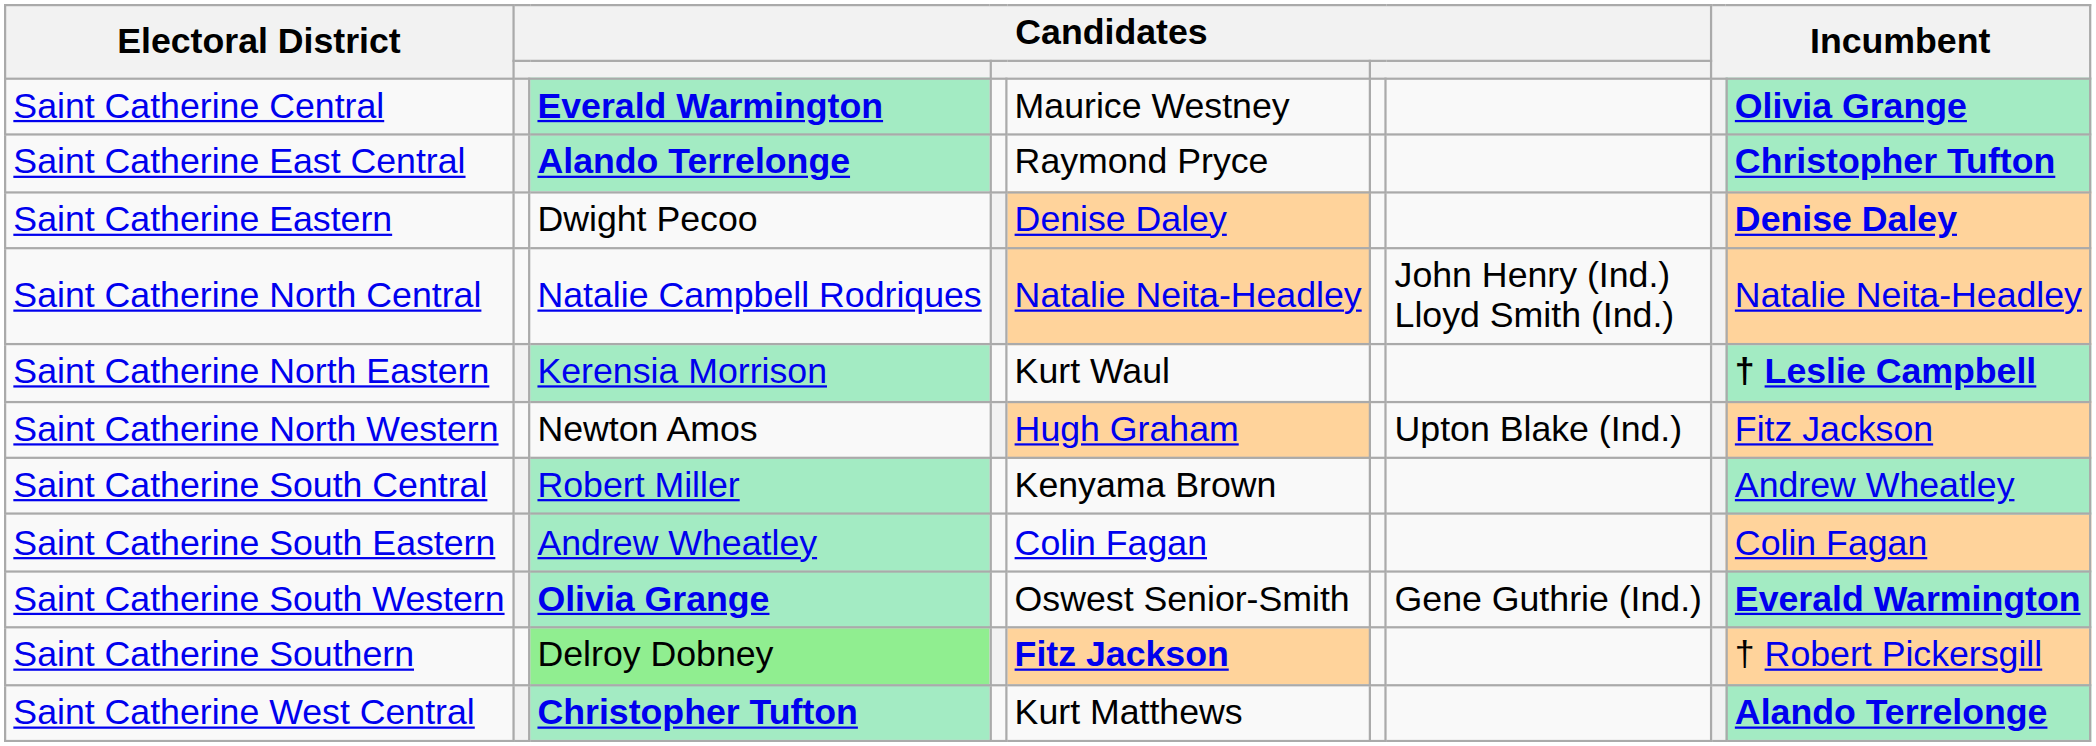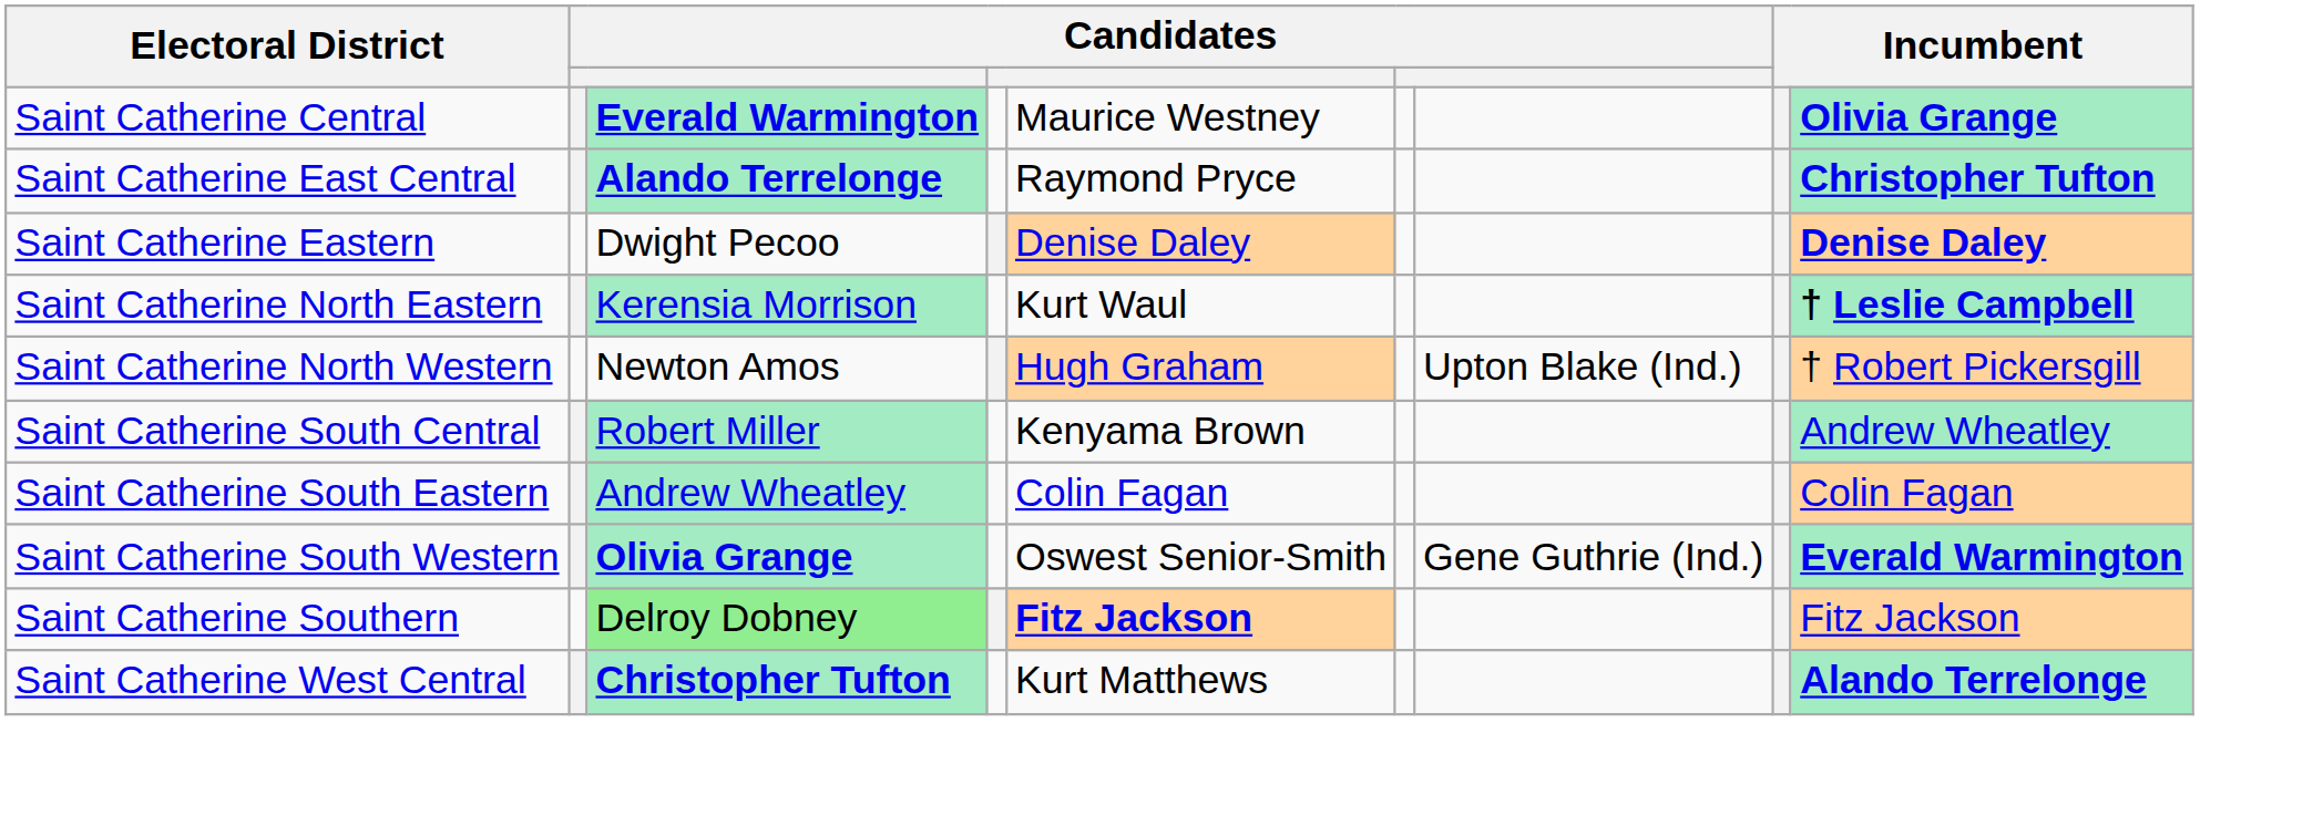 <table class="wikitable">
 <tr>
 <th rowspan="2">Electoral District</th>
 <th colspan="6">Candidates</th>
 <th colspan="2" rowspan="2"><strong>Incumbent</strong></th>
 </tr>
 <tr>
 <th colspan="2" style="background:"><a href='#'></a></th>
 <th colspan="2" style="background:"><a href='#'></a></th>
 <th colspan="2" style="background:"></th>
 </tr>
 <tr>
 <td><a href='#'>Saint Catherine Central</a></td>
 <th style="background:"></th>
 <td style="background:#a3ebc3"><strong><a href='#'>Everald Warmington</a></strong></td>
 <td></td>
 <td>Maurice Westney</td>
 <td></td>
 <td></td>
 <th style="background:"></th>
 <td style="background:#a3ebc3"><strong><a href='#'>Olivia Grange</a></strong></td>
 </tr>
 <tr>
 <td><a href='#'>Saint Catherine East Central</a></td>
 <th style="background:"></th>
 <td style="background:#a3ebc3"><strong><a href='#'>Alando Terrelonge</a></strong></td>
 <td></td>
 <td>Raymond Pryce</td>
 <td></td>
 <td></td>
 <th style="background:"></th>
 <td style="background:#a3ebc3"><strong><a href='#'>Christopher Tufton</a></strong></td>
 </tr>
 <tr>
 <td><a href='#'>Saint Catherine Eastern</a></td>
 <td></td>
 <td>Dwight Pecoo</td>
 <th style="background:"></th>
 <td style="background:#FFD39B"><a href='#'>Denise Daley</a></td>
 <td></td>
 <td></td>
 <th style="background:"></th>
 <td style="background:#FFD39B"><strong><a href='#'>Denise Daley</a></strong></td>
 </tr>
 <tr>
-<td><a href='#'>Saint Catherine North Central</a></td>
-<td></td>
-<td><a href='#'>Natalie Campbell Rodriques</a></td>
-<th style="background:"></th>
-<td style="background:#FFD39B"><a href='#'>Natalie Neita-Headley</a></td>
-<td></td>
-<td>John Henry (Ind.)<br>Lloyd Smith (Ind.)</td>
-<th style="background:"></th>
-<td style="background:#FFD39B"><a href='#'>Natalie Neita-Headley</a></td>
-</tr>
-<tr>
 <td><a href='#'>Saint Catherine North Eastern</a></td>
 <th style="background:"></th>
 <td style="background:#a3ebc3"><a href='#'>Kerensia Morrison</a></td>
 <td></td>
 <td>Kurt Waul</td>
 <td></td>
 <td></td>
 <th style="background:"></th>
 <td style="background:#a3ebc3"><strong>† <a href='#'>Leslie Campbell</a></strong></td>
 </tr>
 <tr>
 <td><a href='#'>Saint Catherine North Western</a></td>
 <td></td>
 <td>Newton Amos</td>
 <th style="background:"></th>
 <td style="background:#FFD39B"><a href='#'>Hugh Graham</a></td>
 <td></td>
 <td>Upton Blake (Ind.)</td>
 <th style="background:"></th>
-<td style="background:#FFD39B"><a href='#'>Fitz Jackson</a></td>
+<td style="background:#FFD39B">† <a href='#'>Robert Pickersgill</a></td>
 </tr>
 <tr>
 <td><a href='#'>Saint Catherine South Central</a></td>
 <th style="background:"></th>
 <td style="background:#a3ebc3"><a href='#'>Robert Miller</a></td>
 <td></td>
 <td>Kenyama Brown</td>
 <td></td>
 <td></td>
 <th style="background:"></th>
 <td style="background:#a3ebc3"><a href='#'>Andrew Wheatley</a></td>
 </tr>
 <tr>
 <td><a href='#'>Saint Catherine South Eastern</a></td>
 <th style="background:"></th>
 <td style="background:#a3ebc3"><a href='#'>Andrew Wheatley</a></td>
 <td></td>
 <td><a href='#'>Colin Fagan</a></td>
 <td></td>
 <td></td>
 <th style="background:"></th>
 <td style="background:#FFD39B"><a href='#'>Colin Fagan</a></td>
 </tr>
 <tr>
 <td><a href='#'>Saint Catherine South Western</a></td>
 <th style="background:"></th>
 <td style="background:#a3ebc3"><strong><a href='#'>Olivia Grange</a></strong></td>
 <td></td>
 <td>Oswest Senior-Smith</td>
 <td></td>
 <td>Gene Guthrie (Ind.)</td>
 <th style="background:"></th>
 <td style="background:#a3ebc3"><strong><a href='#'>Everald Warmington</a></strong></td>
 </tr>
 <tr>
 <td><a href='#'>Saint Catherine Southern</a></td>
 <td></td>
 <td style="background: lightgreen;">Delroy Dobney</td>
 <th style="background:"></th>
 <td style="background:#FFD39B"><strong><a href='#'>Fitz Jackson</a></strong></td>
 <td></td>
 <td></td>
 <th style="background:"></th>
-<td style="background:#FFD39B">† <a href='#'>Robert Pickersgill</a></td>
+<td style="background:#FFD39B"><a href='#'>Fitz Jackson</a></td>
 </tr>
 <tr>
 <td><a href='#'>Saint Catherine West Central</a></td>
 <th style="background:"></th>
 <td style="background:#a3ebc3"><strong><a href='#'>Christopher Tufton</a></strong></td>
 <td></td>
 <td>Kurt Matthews</td>
 <td></td>
 <td></td>
 <th style="background:"></th>
 <td style="background:#a3ebc3"><strong><a href='#'>Alando Terrelonge</a></strong></td>
 </tr>
 </table>
